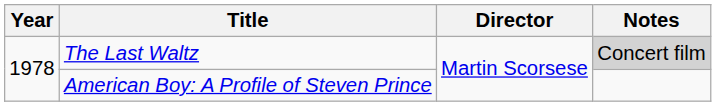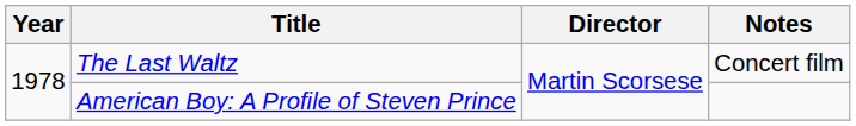 <table class="wikitable">
 <tr>
 <th>Year</th>
 <th>Title</th>
 <th>Director</th>
 <th>Notes</th>
 </tr>
 <tr>
 <td rowspan=2>1978</td>
 <td><em><a href='#'>The Last Waltz</a></em></td>
 <td rowspan=2><a href='#'>Martin Scorsese</a></td>
-<td style="background: lightgrey;">Concert film</td>
+<td>Concert film</td>
 </tr>
 <tr>
 <td><em><a href='#'>American Boy: A Profile of Steven Prince</a></em></td>
 <td></td>
 </tr>
 </table>
